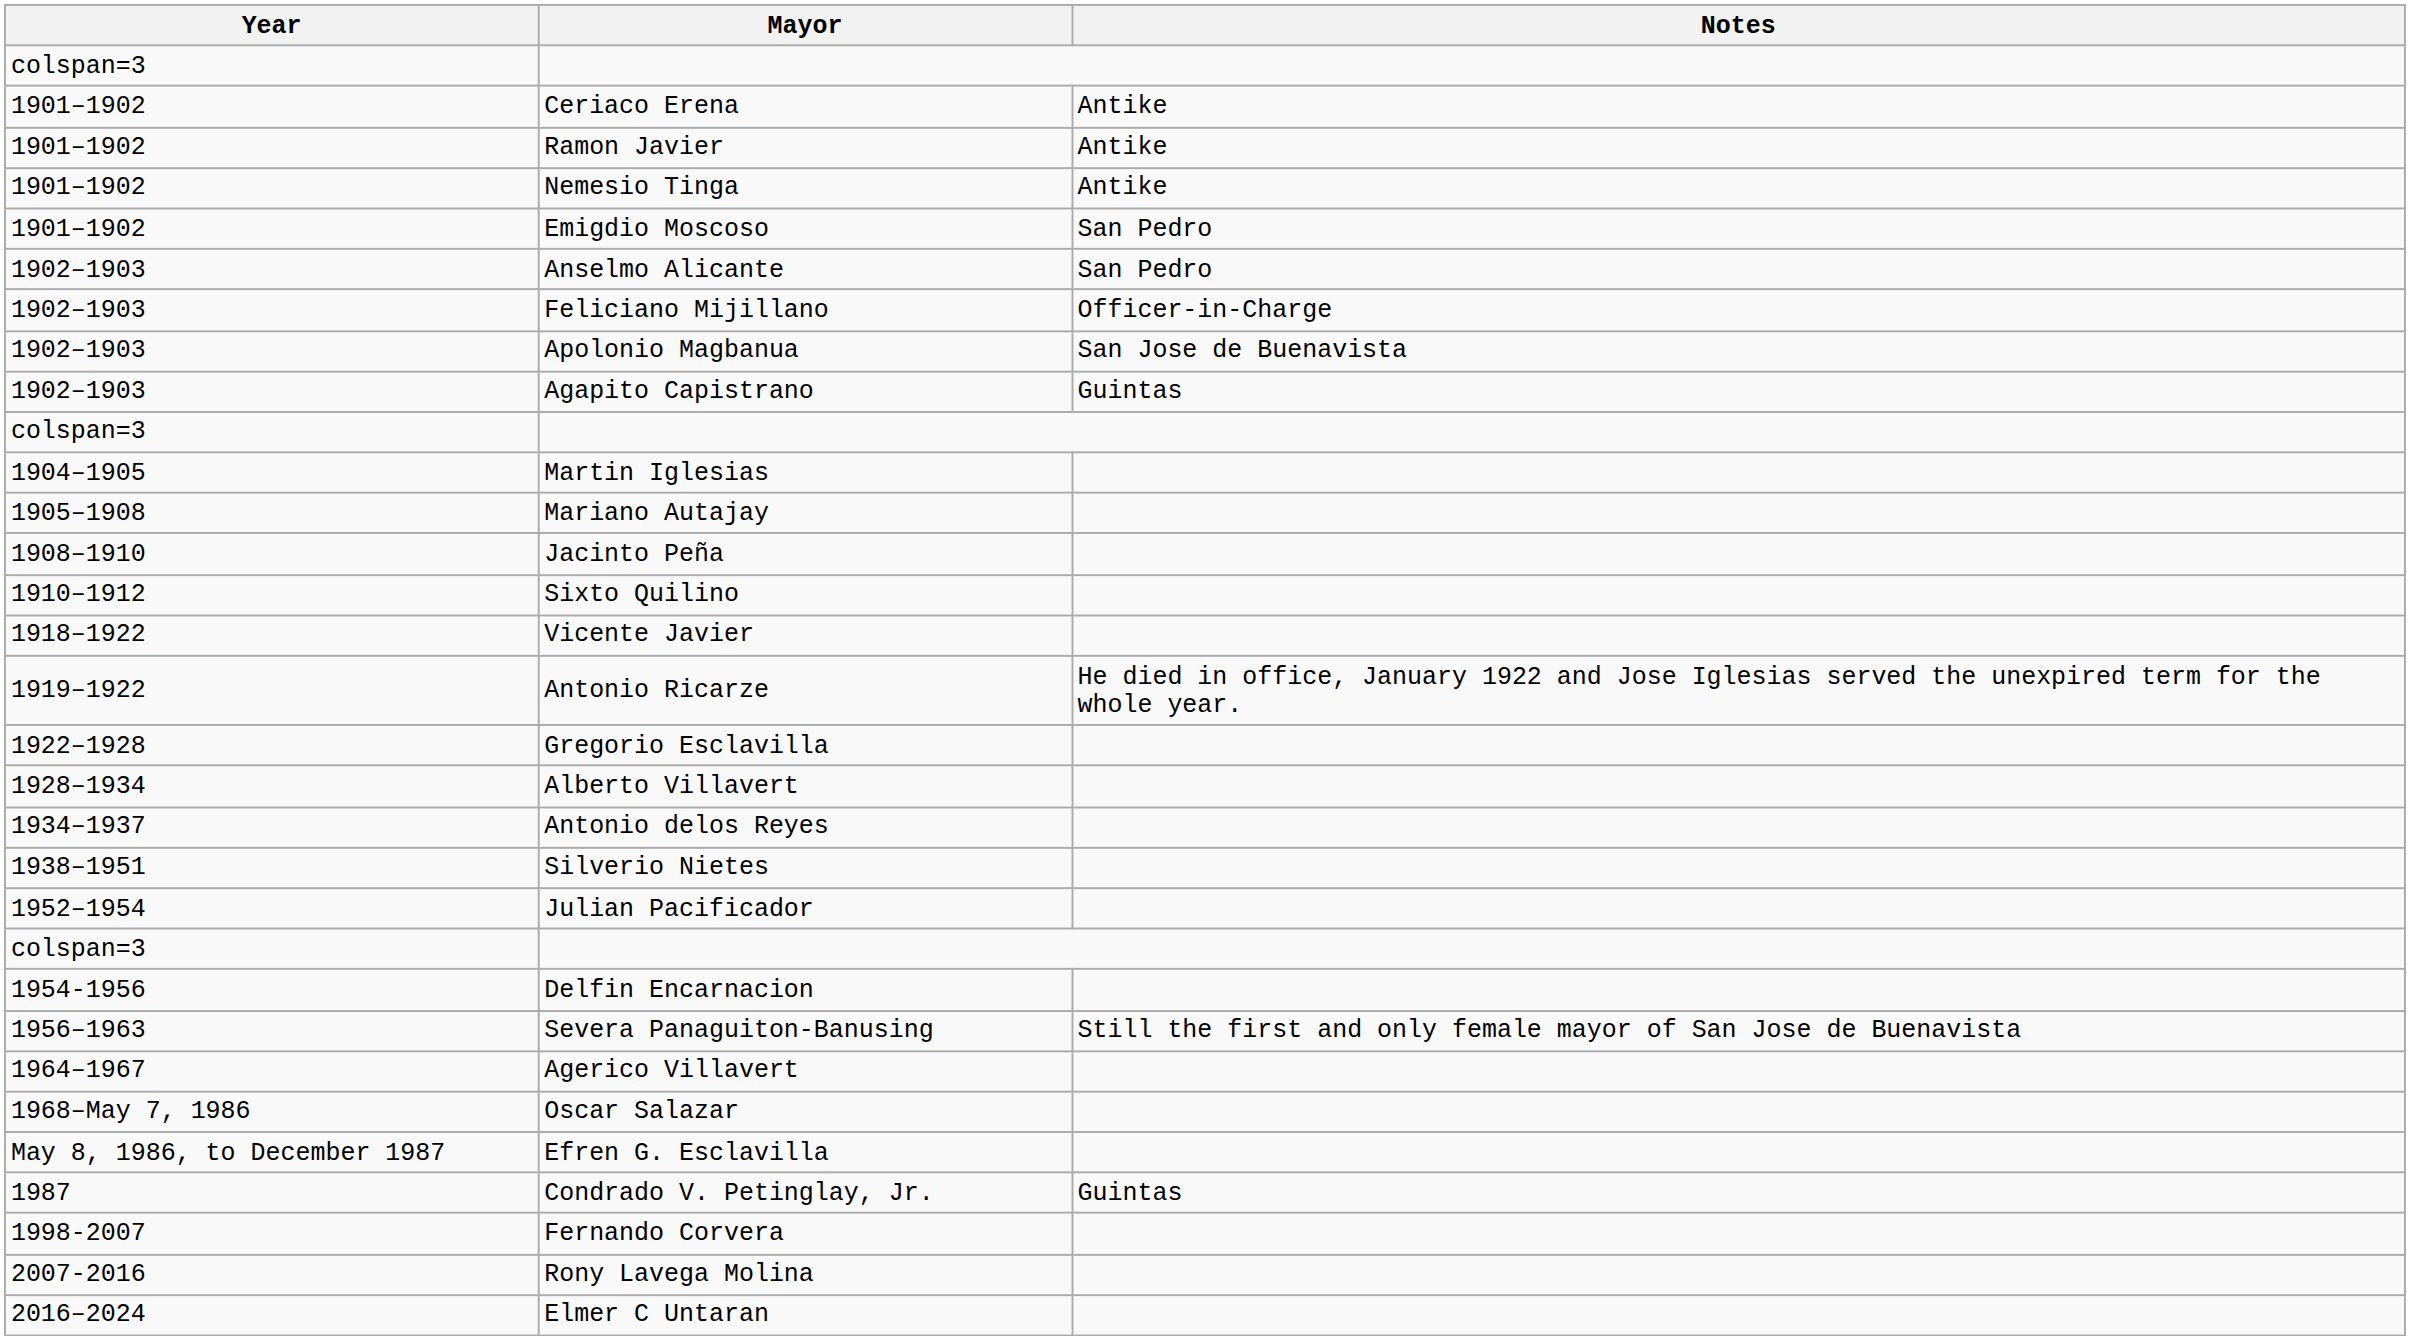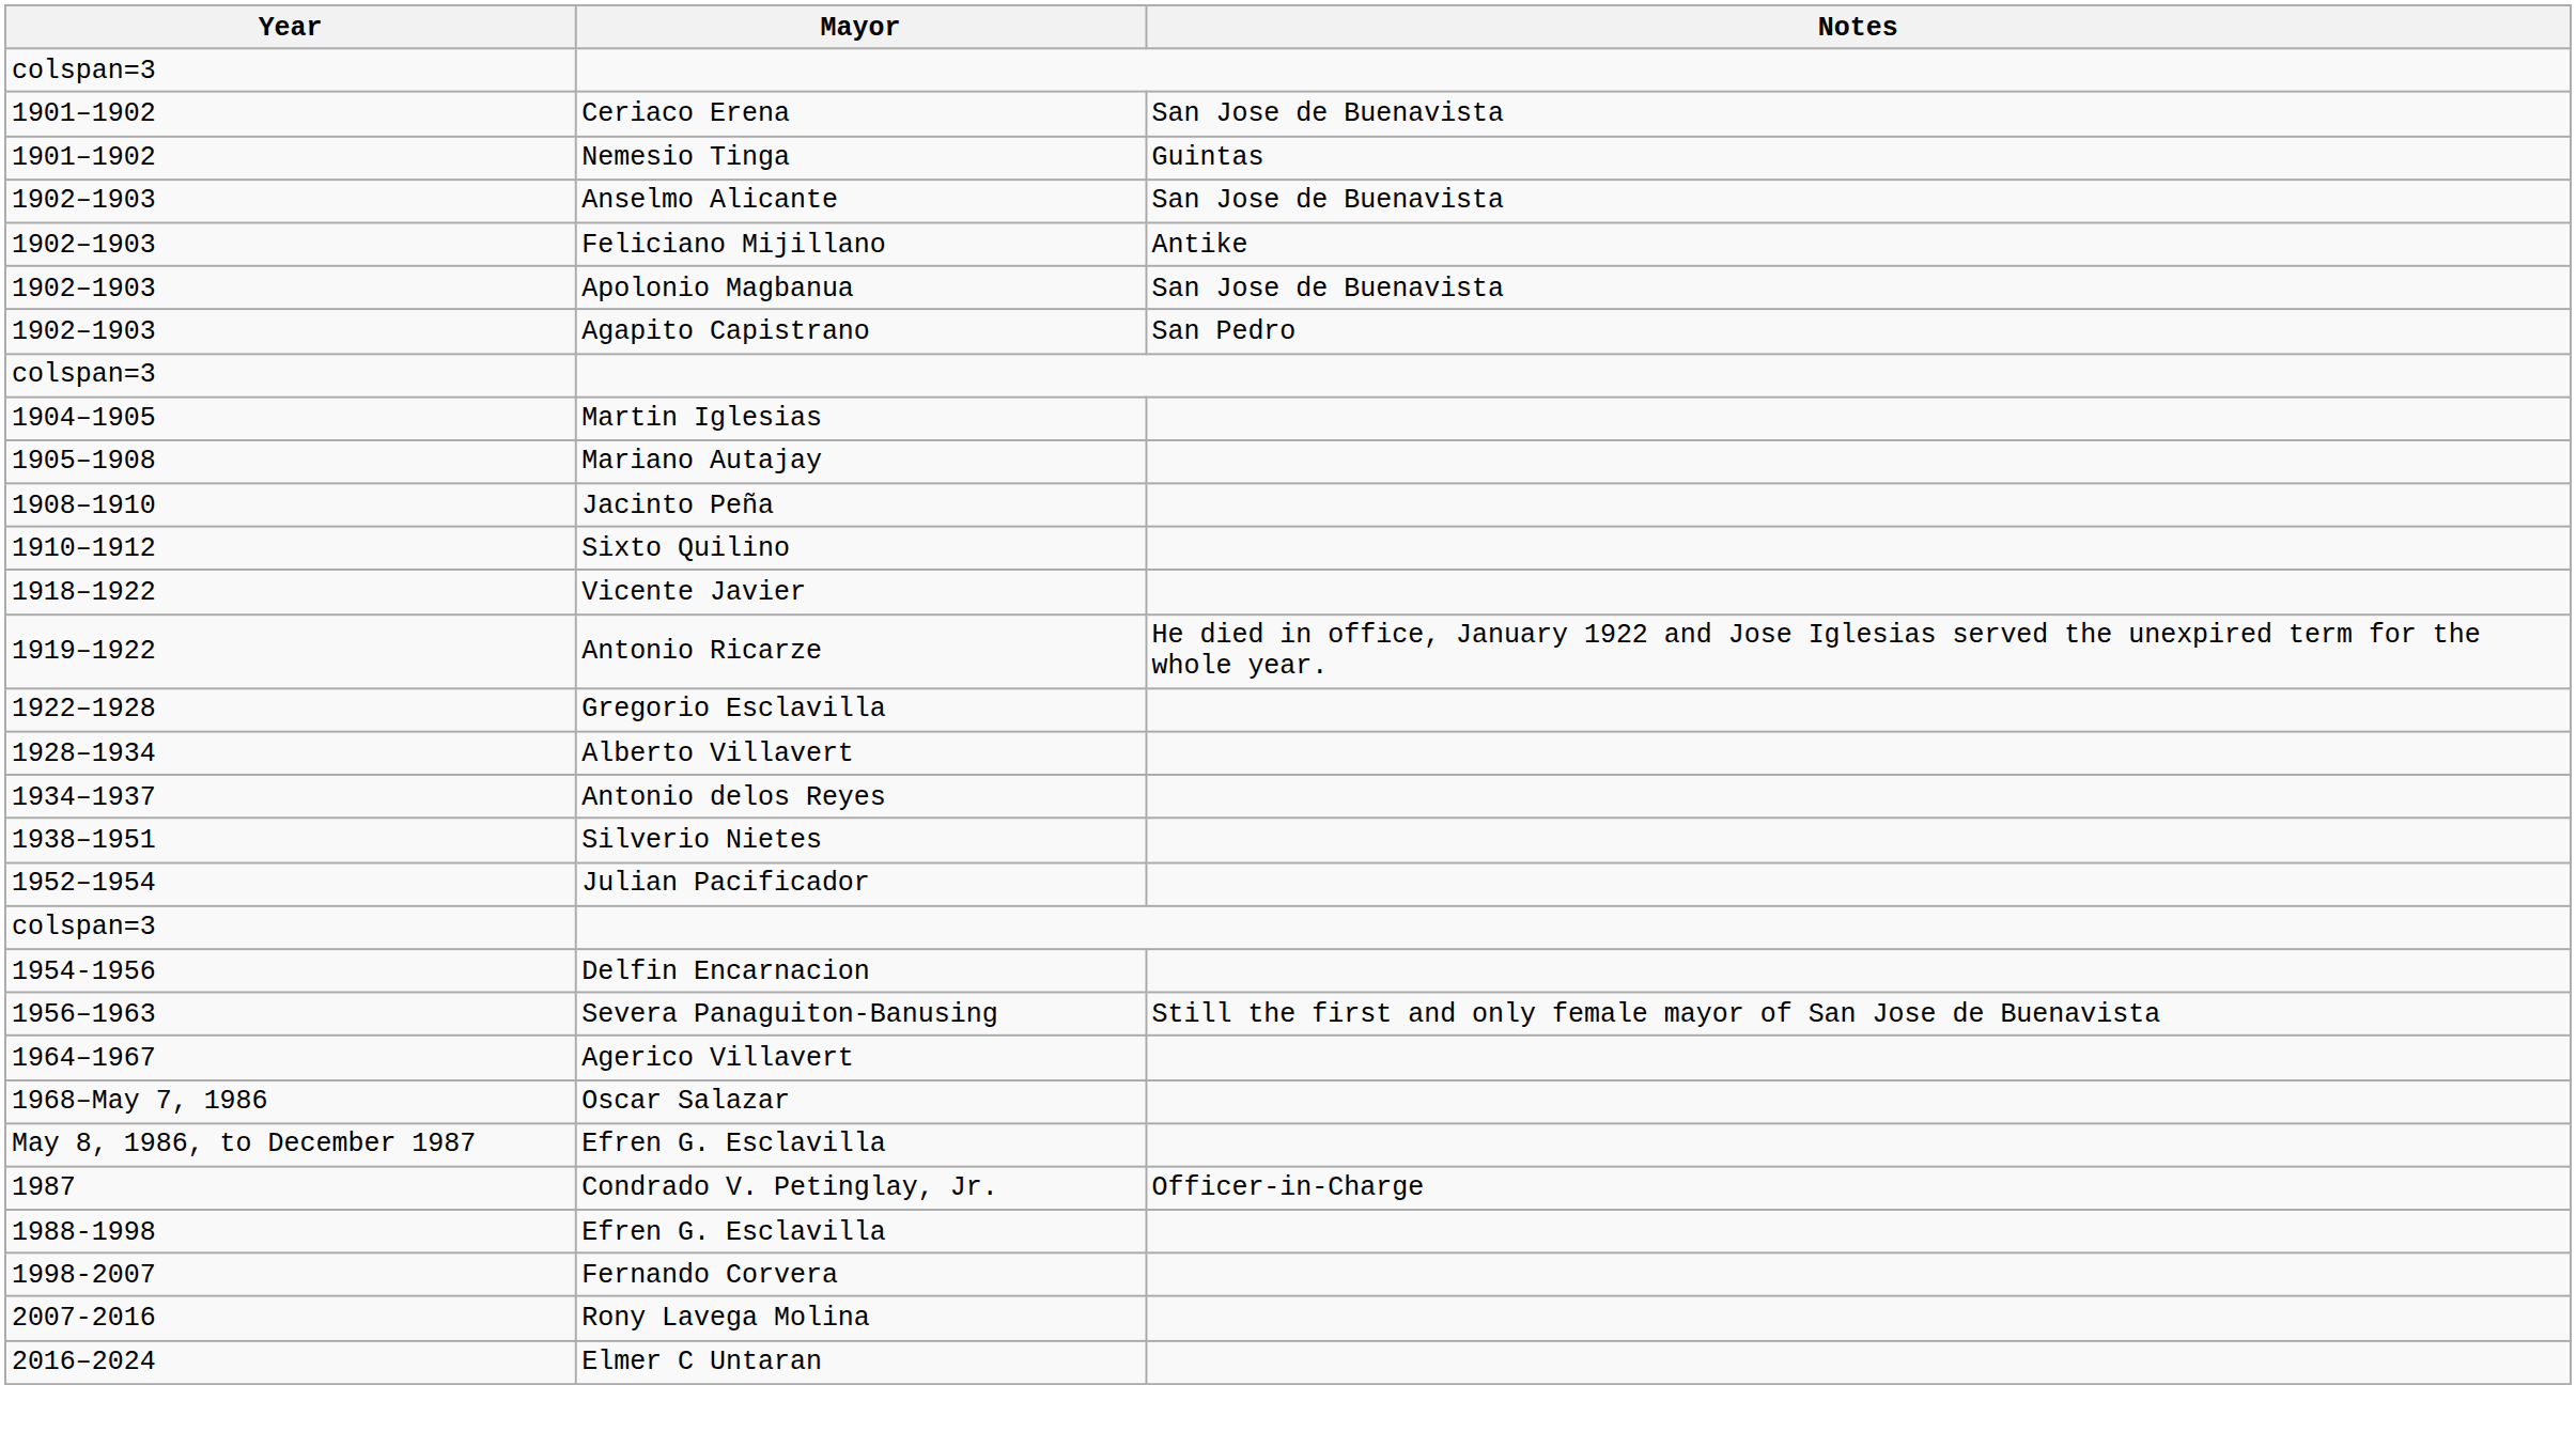 <table class="wikitable">
 <tr>
 <th width=20%>Year</th>
 <th width=20%>Mayor</th>
 <th width=50%>Notes</th>
 </tr>
 <tr>
 <td>colspan=3 </td>
 </tr>
 <tr>
 <td>1901–1902</td>
 <td>Ceriaco Erena</td>
-<td>Antike</td>
-</tr>
-<tr>
-<td>1901–1902</td>
-<td>Ramon Javier</td>
-<td>Antike</td>
+<td>San Jose de Buenavista</td>
 </tr>
 <tr>
 <td>1901–1902</td>
 <td>Nemesio Tinga</td>
-<td>Antike</td>
-</tr>
-<tr>
-<td>1901–1902</td>
-<td>Emigdio Moscoso</td>
-<td>San Pedro</td>
+<td>Guintas</td>
 </tr>
 <tr>
 <td>1902–1903</td>
 <td>Anselmo Alicante</td>
-<td>San Pedro</td>
+<td>San Jose de Buenavista</td>
 </tr>
 <tr>
 <td>1902–1903</td>
 <td>Feliciano Mijillano</td>
-<td>Officer-in-Charge</td>
+<td>Antike</td>
 </tr>
 <tr>
 <td>1902–1903</td>
 <td>Apolonio Magbanua</td>
 <td>San Jose de Buenavista</td>
 </tr>
 <tr>
 <td>1902–1903</td>
 <td>Agapito Capistrano</td>
-<td>Guintas</td>
+<td>San Pedro</td>
 </tr>
 <tr>
 <td>colspan=3 </td>
 </tr>
 <tr>
 <td>1904–1905</td>
 <td>Martin Iglesias</td>
 <td></td>
 </tr>
 <tr>
 <td>1905–1908</td>
 <td>Mariano Autajay</td>
 <td></td>
 </tr>
 <tr>
 <td>1908–1910</td>
 <td>Jacinto Peña</td>
 <td></td>
 </tr>
 <tr>
 <td>1910–1912</td>
 <td>Sixto Quilino</td>
 <td></td>
 </tr>
 <tr>
 <td>1918–1922</td>
 <td>Vicente Javier</td>
 <td></td>
 </tr>
 <tr>
 <td>1919–1922</td>
 <td>Antonio Ricarze</td>
 <td>He died in office, January 1922 and Jose Iglesias served the unexpired term for the whole year.</td>
 </tr>
 <tr>
 <td>1922–1928</td>
 <td>Gregorio Esclavilla</td>
 <td></td>
 </tr>
 <tr>
 <td>1928–1934</td>
 <td>Alberto Villavert</td>
 <td></td>
 </tr>
 <tr>
 <td>1934–1937</td>
 <td>Antonio delos Reyes</td>
 <td></td>
 </tr>
 <tr>
 <td>1938–1951</td>
 <td>Silverio Nietes</td>
 <td></td>
 </tr>
 <tr>
 <td>1952–1954</td>
 <td>Julian Pacificador</td>
 <td></td>
 </tr>
 <tr>
 <td>colspan=3 </td>
 </tr>
 <tr>
 <td>1954-1956</td>
 <td>Delfin Encarnacion</td>
 <td></td>
 </tr>
 <tr>
 <td>1956–1963</td>
 <td>Severa Panaguiton-Banusing</td>
 <td>Still the first and only female mayor of San Jose de Buenavista</td>
 </tr>
 <tr>
 <td>1964–1967</td>
 <td>Agerico Villavert</td>
 <td></td>
 </tr>
 <tr>
 <td>1968–May 7, 1986</td>
 <td>Oscar Salazar</td>
 <td></td>
 </tr>
 <tr>
 <td>May 8, 1986, to December 1987</td>
 <td>Efren G. Esclavilla</td>
 <td></td>
 </tr>
 <tr>
 <td>1987</td>
 <td>Condrado V. Petinglay, Jr.</td>
-<td>Guintas</td>
+<td>Officer-in-Charge</td>
+</tr>
+<tr>
+<td>1988-1998</td>
+<td>Efren G. Esclavilla</td>
+<td></td>
 </tr>
 <tr>
 <td>1998-2007</td>
 <td>Fernando Corvera</td>
 <td></td>
 </tr>
 <tr>
 <td>2007-2016</td>
 <td>Rony Lavega Molina</td>
 <td></td>
 </tr>
 <tr>
 <td>2016–2024</td>
 <td>Elmer C Untaran</td>
 <td></td>
 </tr>
 </table>
